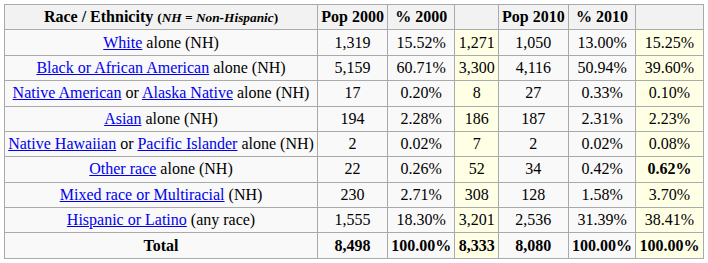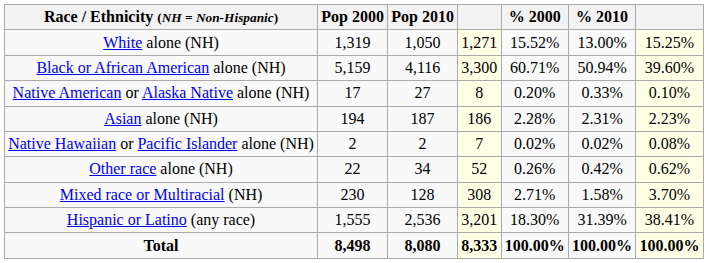 <table class="wikitable" style="text-align:center;">
 <tr>
 <th>Race / Ethnicity <small>(<em>NH = Non-Hispanic</em>)</small></th>
 <th>Pop 2000</th>
+<th>Pop 2010</th>
+<th></th>
 <th>% 2000</th>
-<th></th>
-<th>Pop 2010</th>
 <th>% 2010</th>
 <th></th>
 </tr>
 <tr>
 <td><a href='#'>White</a> alone (NH)</td>
 <td>1,319</td>
+<td>1,050</td>
+<td style='background: #ffffe6;'>1,271</td>
 <td>15.52%</td>
-<td style='background: #ffffe6;'>1,271</td>
-<td>1,050</td>
 <td>13.00%</td>
 <td style='background: #ffffe6;'>15.25%</td>
 </tr>
 <tr>
 <td><a href='#'>Black or African American</a> alone (NH)</td>
 <td>5,159</td>
+<td>4,116</td>
+<td style='background: #ffffe6;'>3,300</td>
 <td>60.71%</td>
-<td style='background: #ffffe6;'>3,300</td>
-<td>4,116</td>
 <td>50.94%</td>
 <td style='background: #ffffe6;'>39.60%</td>
 </tr>
 <tr>
 <td><a href='#'>Native American</a> or <a href='#'>Alaska Native</a> alone (NH)</td>
 <td>17</td>
+<td>27</td>
+<td style='background: #ffffe6;'>8</td>
 <td>0.20%</td>
-<td style='background: #ffffe6;'>8</td>
-<td>27</td>
 <td>0.33%</td>
 <td style='background: #ffffe6;'>0.10%</td>
 </tr>
 <tr>
 <td><a href='#'>Asian</a> alone (NH)</td>
 <td>194</td>
+<td>187</td>
+<td style='background: #ffffe6;'>186</td>
 <td>2.28%</td>
-<td style='background: #ffffe6;'>186</td>
-<td>187</td>
 <td>2.31%</td>
 <td style='background: #ffffe6;'>2.23%</td>
 </tr>
 <tr>
 <td><a href='#'>Native Hawaiian</a> or <a href='#'>Pacific Islander</a> alone (NH)</td>
 <td>2</td>
+<td>2</td>
+<td style='background: #ffffe6;'>7</td>
 <td>0.02%</td>
-<td style='background: #ffffe6;'>7</td>
-<td>2</td>
 <td>0.02%</td>
 <td style='background: #ffffe6;'>0.08%</td>
 </tr>
 <tr>
 <td><a href='#'>Other race</a> alone (NH)</td>
 <td>22</td>
+<td>34</td>
+<td style='background: #ffffe6;'>52</td>
 <td>0.26%</td>
-<td style='background: #ffffe6;'>52</td>
-<td>34</td>
 <td>0.42%</td>
-<td style='background: #ffffe6;'><strong>0.62%</strong></td>
+<td style='background: #ffffe6;'>0.62%</td>
 </tr>
 <tr>
 <td><a href='#'>Mixed race or Multiracial</a> (NH)</td>
 <td>230</td>
+<td>128</td>
+<td style='background: #ffffe6;'>308</td>
 <td>2.71%</td>
-<td style='background: #ffffe6;'>308</td>
-<td>128</td>
 <td>1.58%</td>
 <td style='background: #ffffe6;'>3.70%</td>
 </tr>
 <tr>
 <td><a href='#'>Hispanic or Latino</a> (any race)</td>
 <td>1,555</td>
+<td>2,536</td>
+<td style='background: #ffffe6;'>3,201</td>
 <td>18.30%</td>
-<td style='background: #ffffe6;'>3,201</td>
-<td>2,536</td>
 <td>31.39%</td>
 <td style='background: #ffffe6;'>38.41%</td>
 </tr>
 <tr>
 <td><strong>Total</strong></td>
 <td><strong>8,498</strong></td>
+<td><strong>8,080</strong></td>
+<td style='background: #ffffe6;'><strong>8,333</strong></td>
 <td><strong>100.00%</strong></td>
-<td style='background: #ffffe6;'><strong>8,333</strong></td>
-<td><strong>8,080</strong></td>
 <td><strong>100.00%</strong></td>
 <td style='background: #ffffe6;'><strong>100.00%</strong></td>
 </tr>
 </table>
